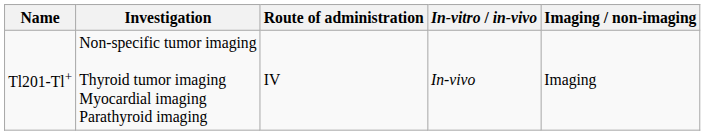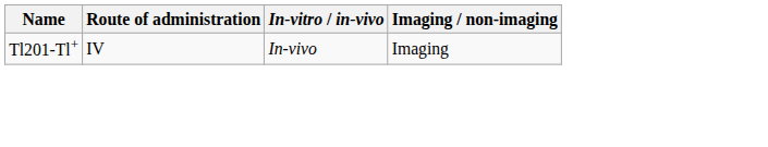 <table class="wikitable" style="font-size:95%">
 <tr>
 <th>Name</th>
-<th>Investigation</th>
 <th>Route of administration</th>
 <th><em>In-vitro</em> / <em>in-vivo</em></th>
 <th>Imaging / non-imaging</th>
 </tr>
 <tr>
 <td>Tl201-Tl<sup>+</sup></td>
-<td>Non-specific tumor imaging<br><br>Thyroid tumor imaging<br> Myocardial imaging<br> Parathyroid imaging</td>
 <td>IV</td>
 <td><em>In-vivo</em></td>
 <td>Imaging</td>
 </tr>
 </table>
